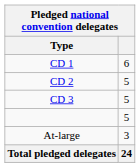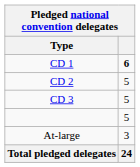 <table class="wikitable sortable" style="font-size:90%;text-align:center;float:right;padding:5px;">
 <tr>
 <th colspan="2">Pledged <a href='#'>national<br>convention</a> delegates</th>
 </tr>
 <tr>
 <th>Type</th>
 <th></th>
 </tr>
 <tr>
 <td><a href='#'>CD 1</a></td>
-<td>6</td>
+<td><strong>6</strong></td>
 </tr>
 <tr>
 <td><a href='#'>CD 2</a></td>
 <td>5</td>
 </tr>
 <tr>
 <td><a href='#'>CD 3</a></td>
 <td>5</td>
 </tr>
 <tr>
 <td></td>
 <td>5</td>
 </tr>
 <tr>
 <td>At-large</td>
 <td>3</td>
 </tr>
 <tr>
 <th>Total pledged delegates</th>
 <th>24</th>
 </tr>
 </table>
